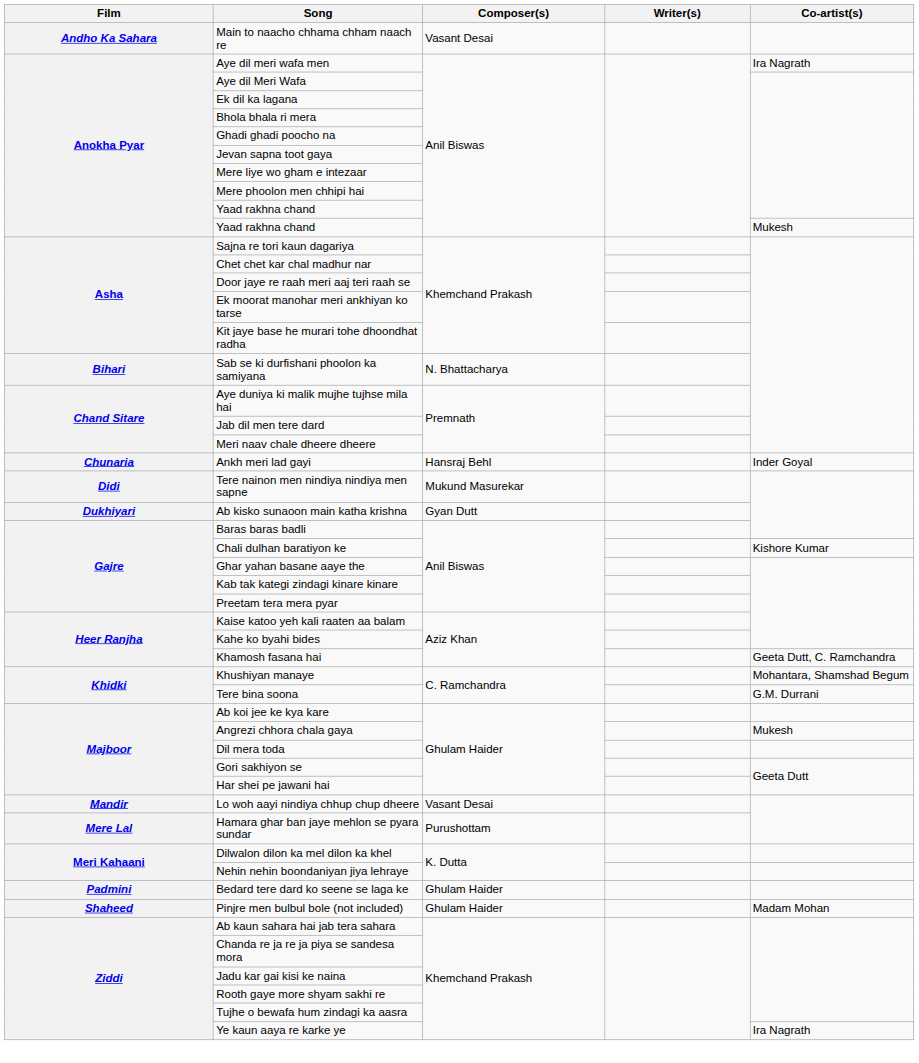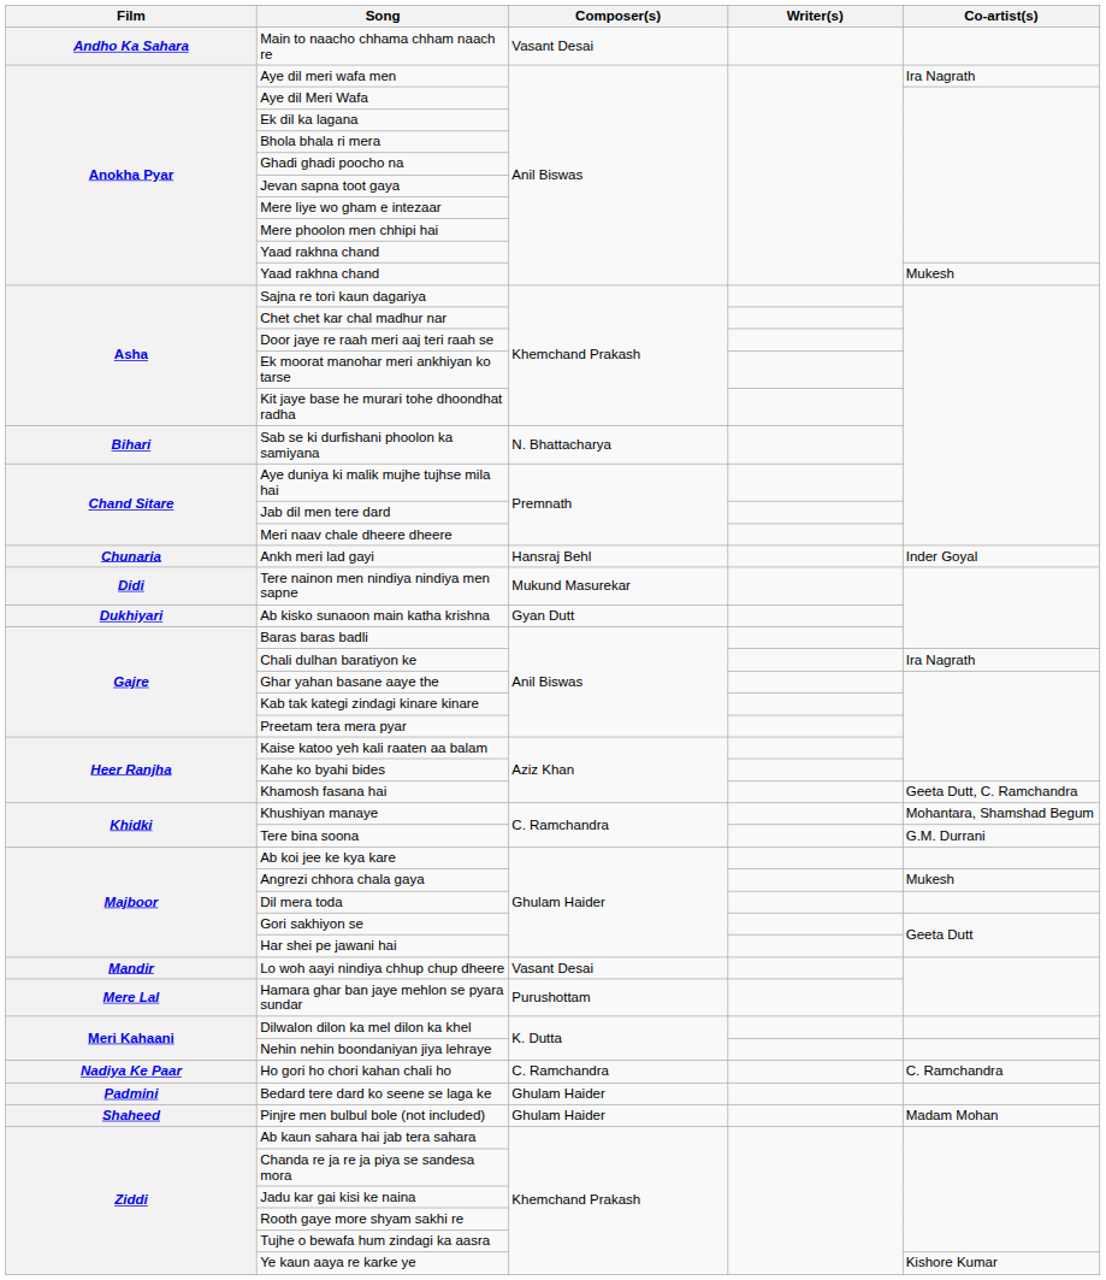 <table class="wikitable plainrowheaders" style="width:100%; textcolor:#000">
 <tr style="background:#b0e0e66;">
 <th scope="col" style="width:23%;"><strong>Film</strong></th>
 <th scope="col" style="width:23%;"><strong>Song</strong></th>
 <th scope="col" style="width:20%;"><strong>Composer(s)</strong></th>
 <th scope="col" style="width:16%;"><strong>Writer(s)</strong></th>
 <th scope="col" style="width:18%;"><strong>Co-artist(s)</strong></th>
 </tr>
 <tr>
 <th><em><a href='#'>Andho Ka Sahara</a></em></th>
 <td>Main to naacho chhama chham naach re</td>
 <td>Vasant Desai</td>
 <td></td>
 <td></td>
 </tr>
 <tr>
 <th rowspan=10><a href='#'>Anokha Pyar</a></th>
 <td>Aye dil meri wafa men</td>
 <td rowspan=10>Anil Biswas</td>
 <td rowspan=10></td>
 <td>Ira Nagrath</td>
 </tr>
 <tr>
 <td>Aye dil Meri Wafa</td>
 <td rowspan=8></td>
 </tr>
 <tr>
 <td>Ek dil ka lagana</td>
 </tr>
 <tr>
 <td>Bhola bhala ri mera</td>
 </tr>
 <tr>
 <td>Ghadi ghadi poocho na</td>
 </tr>
 <tr>
 <td>Jevan sapna toot gaya</td>
 </tr>
 <tr>
 <td>Mere liye wo gham e intezaar</td>
 </tr>
 <tr>
 <td>Mere phoolon men chhipi hai</td>
 </tr>
 <tr>
 <td>Yaad rakhna chand</td>
 </tr>
 <tr>
 <td>Yaad rakhna chand</td>
 <td>Mukesh</td>
 </tr>
 <tr>
 <th Rowspan=5><a href='#'>Asha</a></th>
 <td>Sajna re tori kaun dagariya</td>
 <td rowspan=5>Khemchand Prakash</td>
 <td></td>
 <td rowspan=9></td>
 </tr>
 <tr>
 <td>Chet chet kar chal madhur nar</td>
 <td></td>
 </tr>
 <tr>
 <td>Door jaye re raah meri aaj teri raah se</td>
 <td></td>
 </tr>
 <tr>
 <td>Ek moorat manohar meri ankhiyan ko tarse</td>
 <td></td>
 </tr>
 <tr>
 <td>Kit jaye base he murari tohe dhoondhat radha</td>
 <td></td>
 </tr>
 <tr>
 <th><em><a href='#'>Bihari</a></em></th>
 <td>Sab se ki durfishani phoolon ka samiyana</td>
 <td>N. Bhattacharya</td>
 <td></td>
 </tr>
 <tr>
 <th Rowspan=3><em><a href='#'>Chand Sitare</a></em></th>
 <td>Aye duniya ki malik mujhe tujhse mila hai</td>
 <td rowspan=3>Premnath</td>
 <td></td>
 </tr>
 <tr>
 <td>Jab dil men tere dard</td>
 <td></td>
 </tr>
 <tr>
 <td>Meri naav chale dheere dheere</td>
 <td></td>
 </tr>
 <tr>
 <th><em><a href='#'>Chunaria</a></em></th>
 <td>Ankh meri lad gayi</td>
 <td>Hansraj Behl</td>
 <td></td>
 <td>Inder Goyal</td>
 </tr>
 <tr>
 <th><em><a href='#'>Didi</a></em></th>
 <td>Tere nainon men nindiya nindiya men sapne</td>
 <td>Mukund Masurekar</td>
 <td></td>
 <td rowspan=3></td>
 </tr>
 <tr>
 <th><em><a href='#'>Dukhiyari</a></em></th>
 <td>Ab kisko sunaoon main katha krishna</td>
 <td>Gyan Dutt</td>
 <td></td>
 </tr>
 <tr>
 <th Rowspan=5><em><a href='#'>Gajre</a></em></th>
 <td>Baras baras badli</td>
 <td rowspan=5>Anil Biswas</td>
 <td></td>
 </tr>
 <tr>
 <td>Chali dulhan baratiyon ke</td>
 <td></td>
-<td>Kishore Kumar </td>
+<td>Ira Nagrath</td>
 </tr>
 <tr>
 <td>Ghar yahan basane aaye the</td>
 <td></td>
 <td rowspan=5></td>
 </tr>
 <tr>
 <td>Kab tak kategi zindagi kinare kinare</td>
 <td></td>
 </tr>
 <tr>
 <td>Preetam tera mera pyar</td>
 <td></td>
 </tr>
 <tr>
 <th Rowspan=3><em><a href='#'>Heer Ranjha</a></em></th>
 <td>Kaise katoo yeh kali raaten aa balam</td>
 <td rowspan=3>Aziz Khan</td>
 <td></td>
 </tr>
 <tr>
 <td>Kahe ko byahi bides</td>
 <td></td>
 </tr>
 <tr>
 <td>Khamosh fasana hai</td>
 <td></td>
 <td>Geeta Dutt, C. Ramchandra</td>
 </tr>
 <tr>
 <th rowspan=2><em><a href='#'>Khidki</a></em></th>
 <td>Khushiyan manaye</td>
 <td rowspan=2>C. Ramchandra</td>
 <td></td>
 <td>Mohantara, Shamshad Begum</td>
 </tr>
 <tr>
 <td>Tere bina soona</td>
 <td></td>
 <td>G.M. Durrani</td>
 </tr>
 <tr>
 <th Rowspan=5><em><a href='#'>Majboor</a></em></th>
 <td>Ab koi jee ke kya kare</td>
 <td rowspan=5>Ghulam Haider</td>
 <td></td>
 <td></td>
 </tr>
 <tr>
 <td>Angrezi chhora chala gaya</td>
 <td></td>
 <td>Mukesh</td>
 </tr>
 <tr>
 <td>Dil mera toda</td>
 <td></td>
 <td></td>
 </tr>
 <tr>
 <td>Gori sakhiyon se</td>
 <td></td>
 <td rowspan=2>Geeta Dutt</td>
 </tr>
 <tr>
 <td>Har shei pe jawani hai</td>
 <td></td>
 </tr>
 <tr>
 <th><em><a href='#'>Mandir</a></em></th>
 <td>Lo woh aayi nindiya chhup chup dheere</td>
 <td>Vasant Desai</td>
 <td></td>
 <td rowspan=2></td>
 </tr>
 <tr>
 <th><em><a href='#'>Mere Lal</a></em></th>
 <td>Hamara ghar ban jaye mehlon se pyara sundar</td>
 <td>Purushottam</td>
 <td></td>
 </tr>
 <tr>
 <th Rowspan=2><a href='#'>Meri Kahaani</a></th>
 <td>Dilwalon dilon ka mel dilon ka khel</td>
 <td rowspan=2>K. Dutta</td>
 <td></td>
 <td></td>
 </tr>
 <tr>
 <td>Nehin nehin boondaniyan jiya lehraye</td>
 <td></td>
 <td></td>
 </tr>
 <tr>
+<th><em><a href='#'>Nadiya Ke Paar</a></em></th>
+<td>Ho gori ho chori kahan chali ho</td>
+<td>C. Ramchandra</td>
+<td></td>
+<td>C. Ramchandra</td>
+</tr>
+<tr>
 <th><em><a href='#'>Padmini</a></em></th>
 <td>Bedard tere dard ko seene se laga ke</td>
 <td>Ghulam Haider</td>
 <td></td>
 <td></td>
 </tr>
 <tr>
 <th><em><a href='#'>Shaheed</a></em></th>
 <td>Pinjre men bulbul bole (not included)</td>
 <td>Ghulam Haider</td>
 <td></td>
 <td>Madam Mohan</td>
 </tr>
 <tr>
 <th Rowspan=6><em><a href='#'>Ziddi</a></em></th>
 <td>Ab kaun sahara hai jab tera sahara</td>
 <td rowspan=6>Khemchand Prakash</td>
 <td rowspan=6></td>
 <td rowspan=5></td>
 </tr>
 <tr>
 <td>Chanda re ja re ja piya se sandesa mora</td>
 </tr>
 <tr>
 <td>Jadu kar gai kisi ke naina</td>
 </tr>
 <tr>
 <td>Rooth gaye more shyam sakhi re</td>
 </tr>
 <tr>
 <td>Tujhe o bewafa hum zindagi ka aasra</td>
 </tr>
 <tr>
 <td>Ye kaun aaya re karke ye</td>
-<td>Ira Nagrath</td>
+<td>Kishore Kumar </td>
 </tr>
 </table>
